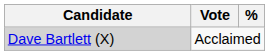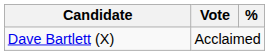 <table class="wikitable">
 <tr>
 <th bgcolor="#DDDDFF" width="200px">Candidate</th>
 <th bgcolor="#DDDDFF">Vote</th>
 <th bgcolor="#DDDDFF">%</th>
 </tr>
 <tr>
-<td style="background: lightgrey;"><a href='#'>Dave Bartlett</a> (X)</td>
+<td><a href='#'>Dave Bartlett</a> (X)</td>
 <td colspan="2">Acclaimed</td>
 </tr>
 </table>
